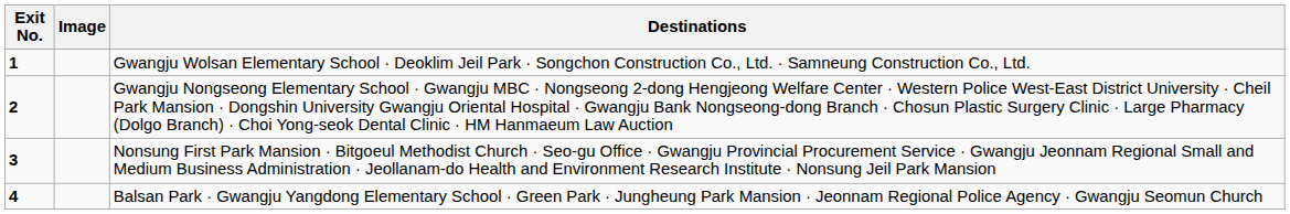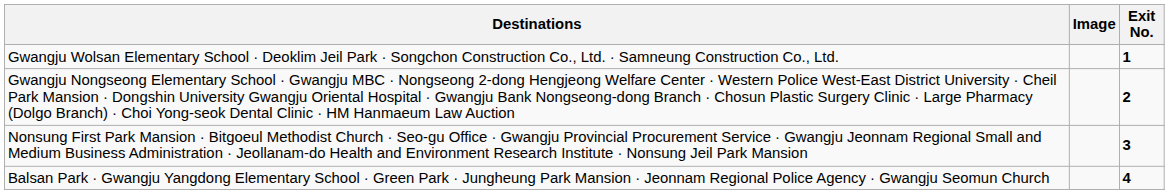 <table class="wikitable">
 <tr>
+<th>Destinations</th>
+<th>Image</th>
 <th>Exit No.</th>
-<th>Image</th>
-<th>Destinations</th>
 </tr>
 <tr>
+<td>Gwangju Wolsan Elementary School · Deoklim Jeil Park · Songchon Construction Co., Ltd. · Samneung Construction Co., Ltd.</td>
+<td></td>
 <td><strong>1</strong></td>
-<td></td>
-<td>Gwangju Wolsan Elementary School · Deoklim Jeil Park · Songchon Construction Co., Ltd. · Samneung Construction Co., Ltd.</td>
 </tr>
 <tr>
+<td>Gwangju Nongseong Elementary School · Gwangju MBC · Nongseong 2-dong Hengjeong Welfare Center · Western Police West-East District University · Cheil Park Mansion · Dongshin University Gwangju Oriental Hospital · Gwangju Bank Nongseong-dong Branch · Chosun Plastic Surgery Clinic · Large Pharmacy (Dolgo Branch) · Choi Yong-seok Dental Clinic · HM Hanmaeum Law Auction</td>
+<td></td>
 <td><strong>2</strong></td>
-<td></td>
-<td>Gwangju Nongseong Elementary School · Gwangju MBC · Nongseong 2-dong Hengjeong Welfare Center · Western Police West-East District University · Cheil Park Mansion · Dongshin University Gwangju Oriental Hospital · Gwangju Bank Nongseong-dong Branch · Chosun Plastic Surgery Clinic · Large Pharmacy (Dolgo Branch) · Choi Yong-seok Dental Clinic · HM Hanmaeum Law Auction</td>
 </tr>
 <tr>
+<td>Nonsung First Park Mansion · Bitgoeul Methodist Church · Seo-gu Office · Gwangju Provincial Procurement Service · Gwangju Jeonnam Regional Small and Medium Business Administration · Jeollanam-do Health and Environment Research Institute · Nonsung Jeil Park Mansion</td>
+<td></td>
 <td><strong>3</strong></td>
-<td></td>
-<td>Nonsung First Park Mansion · Bitgoeul Methodist Church · Seo-gu Office · Gwangju Provincial Procurement Service · Gwangju Jeonnam Regional Small and Medium Business Administration · Jeollanam-do Health and Environment Research Institute · Nonsung Jeil Park Mansion</td>
 </tr>
 <tr>
+<td>Balsan Park · Gwangju Yangdong Elementary School · Green Park · Jungheung Park Mansion · Jeonnam Regional Police Agency · Gwangju Seomun Church</td>
+<td></td>
 <td><strong>4</strong></td>
-<td></td>
-<td>Balsan Park · Gwangju Yangdong Elementary School · Green Park · Jungheung Park Mansion · Jeonnam Regional Police Agency · Gwangju Seomun Church</td>
 </tr>
 </table>
